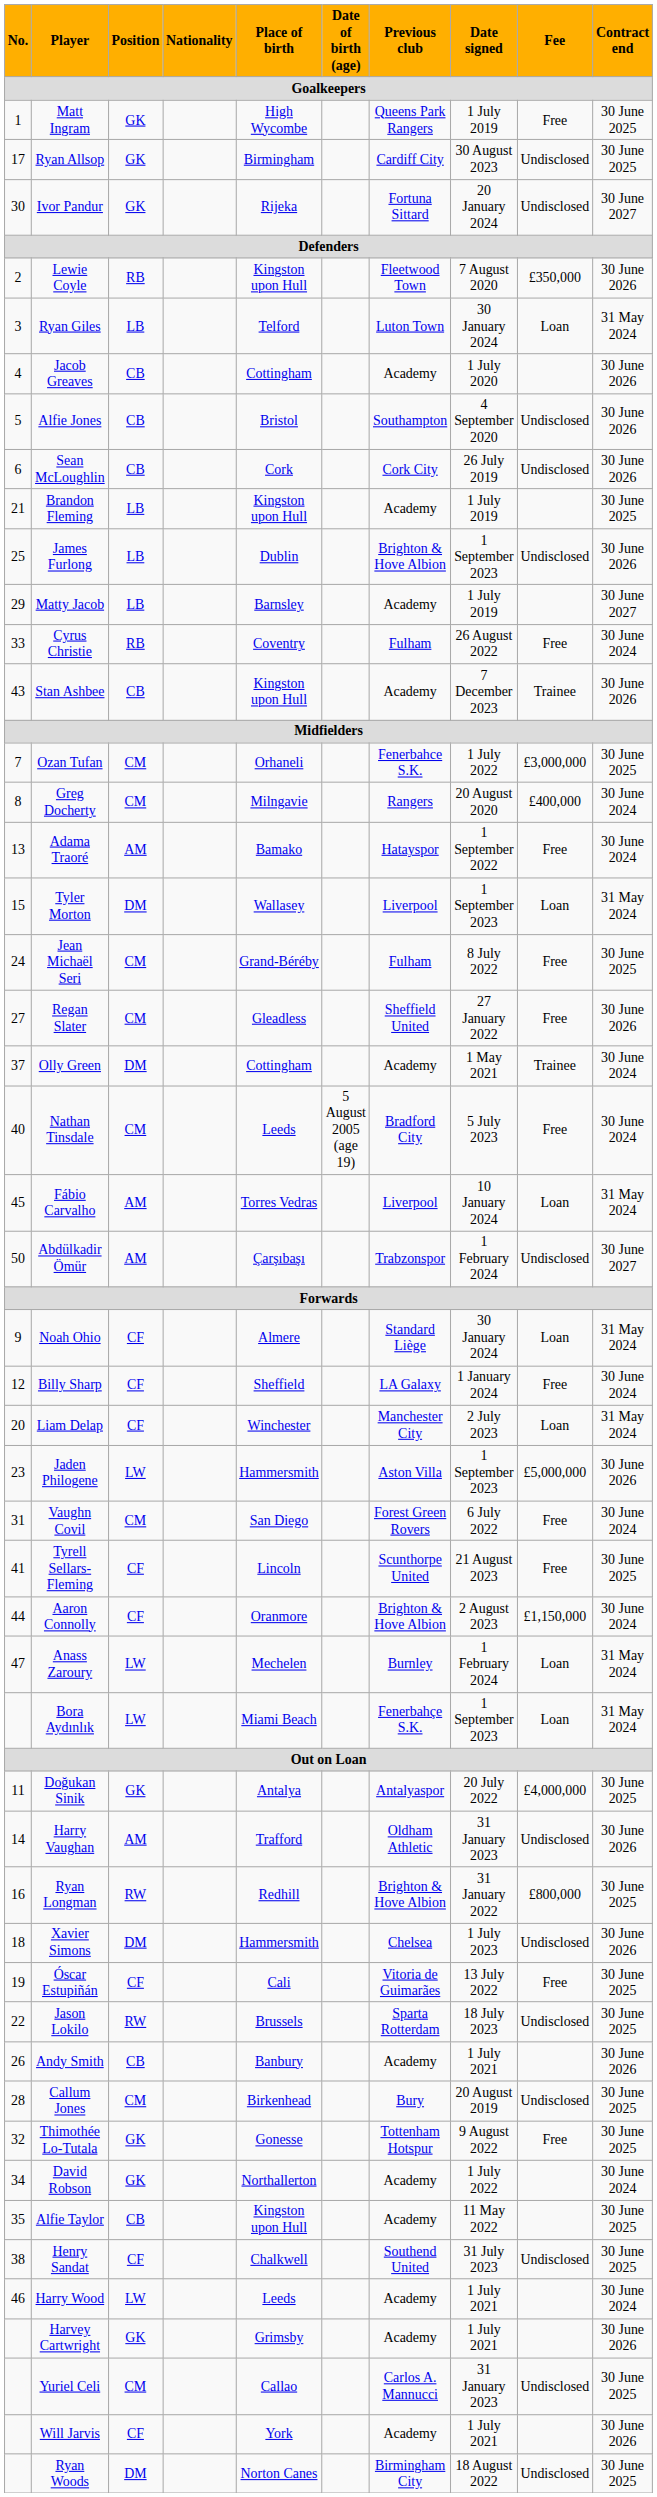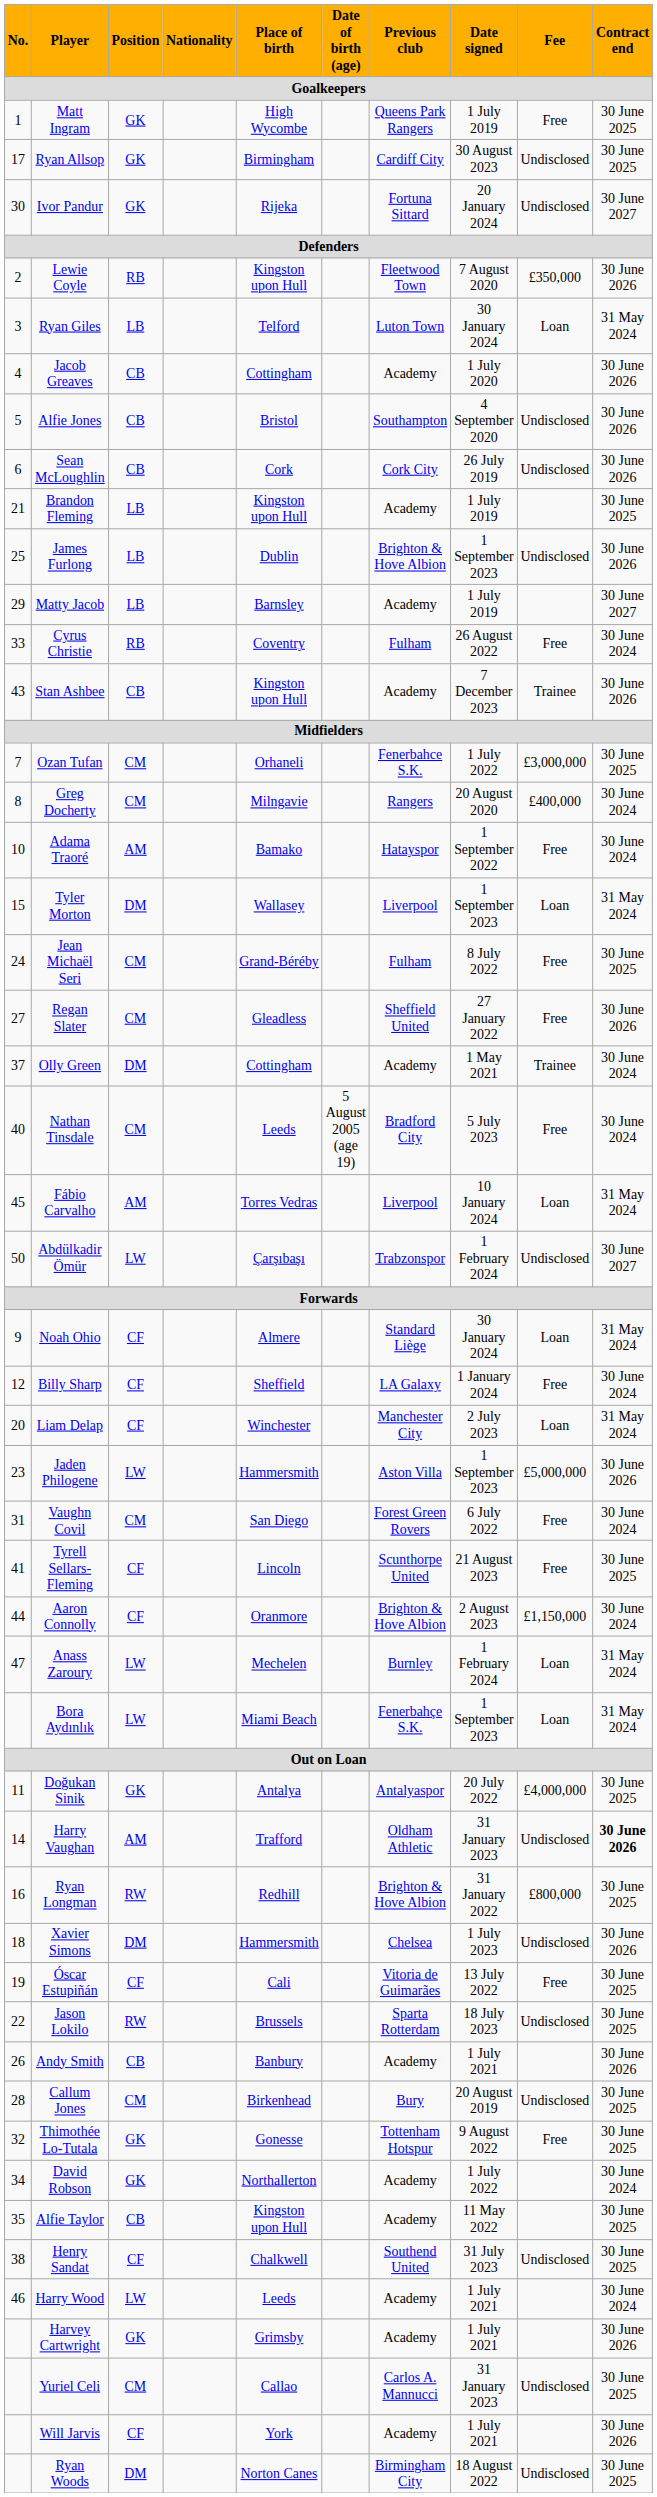 <table class="wikitable" style="text-align:center; font-size:84.5%; width:101%;">
 <tr>
 <th style="background:#ffaf00; color:#000000; text-align:center;">No.</th>
 <th style="background:#ffaf00; color:#000000; text-align:center;">Player</th>
 <th style="background:#ffaf00; color:#000000; text-align:center;">Position</th>
 <th style="background:#ffaf00; color:#000000; text-align:center;">Nationality</th>
 <th style="background:#ffaf00; color:#000000; text-align:center;">Place of birth</th>
 <th style="background:#ffaf00; color:#000000; text-align:center;">Date of birth (age)</th>
 <th style="background:#ffaf00; color:#000000; text-align:center;">Previous club</th>
 <th style="background:#ffaf00; color:#000000; text-align:center;">Date signed</th>
 <th style="background:#ffaf00; color:#000000; text-align:center;">Fee</th>
 <th style="background:#ffaf00; color:#000000; text-align:center;">Contract end</th>
 </tr>
 <tr>
 <th colspan="14" style="background:#dcdcdc; tepxt-align:center;">Goalkeepers</th>
 </tr>
 <tr>
 <td>1</td>
 <td><a href='#'>Matt Ingram</a></td>
 <td><a href='#'>GK</a></td>
 <td></td>
 <td><a href='#'>High Wycombe</a></td>
 <td></td>
 <td><a href='#'>Queens Park Rangers</a></td>
 <td>1 July 2019</td>
 <td>Free</td>
 <td>30 June 2025</td>
 </tr>
 <tr>
 <td>17</td>
 <td><a href='#'>Ryan Allsop</a></td>
 <td><a href='#'>GK</a></td>
 <td></td>
 <td><a href='#'>Birmingham</a></td>
 <td></td>
 <td> <a href='#'>Cardiff City</a></td>
 <td>30 August 2023</td>
 <td>Undisclosed</td>
 <td>30 June 2025</td>
 </tr>
 <tr>
 <td>30</td>
 <td><a href='#'>Ivor Pandur</a></td>
 <td><a href='#'>GK</a></td>
 <td></td>
 <td><a href='#'>Rijeka</a></td>
 <td></td>
 <td> <a href='#'>Fortuna Sittard</a></td>
 <td>20 January 2024</td>
 <td>Undisclosed</td>
 <td>30 June 2027</td>
 </tr>
 <tr>
 <th colspan="14" style="background:#dcdcdc; tepxt-align:center;">Defenders</th>
 </tr>
 <tr>
 <td>2</td>
 <td><a href='#'>Lewie Coyle</a></td>
 <td><a href='#'>RB</a></td>
 <td></td>
 <td><a href='#'>Kingston upon Hull</a></td>
 <td></td>
 <td><a href='#'>Fleetwood Town</a></td>
 <td>7 August 2020</td>
 <td>£350,000</td>
 <td>30 June 2026</td>
 </tr>
 <tr>
 <td>3</td>
 <td><a href='#'>Ryan Giles</a></td>
 <td><a href='#'>LB</a></td>
 <td></td>
 <td><a href='#'>Telford</a></td>
 <td></td>
 <td><a href='#'>Luton Town</a></td>
 <td>30 January 2024</td>
 <td>Loan</td>
 <td>31 May 2024</td>
 </tr>
 <tr>
 <td>4</td>
 <td><a href='#'>Jacob Greaves</a></td>
 <td><a href='#'>CB</a></td>
 <td></td>
 <td><a href='#'>Cottingham</a></td>
 <td></td>
 <td>Academy</td>
 <td>1 July 2020</td>
 <td></td>
 <td>30 June 2026</td>
 </tr>
 <tr>
 <td>5</td>
 <td><a href='#'>Alfie Jones</a></td>
 <td><a href='#'>CB</a></td>
 <td></td>
 <td><a href='#'>Bristol</a></td>
 <td></td>
 <td><a href='#'>Southampton</a></td>
 <td>4 September 2020</td>
 <td>Undisclosed</td>
 <td>30 June 2026</td>
 </tr>
 <tr>
 <td>6</td>
 <td><a href='#'>Sean McLoughlin</a></td>
 <td><a href='#'>CB</a></td>
 <td></td>
 <td><a href='#'>Cork</a></td>
 <td></td>
 <td> <a href='#'>Cork City</a></td>
 <td>26 July 2019</td>
 <td>Undisclosed</td>
 <td>30 June 2026</td>
 </tr>
 <tr>
 <td>21</td>
 <td><a href='#'>Brandon Fleming</a></td>
 <td><a href='#'>LB</a></td>
 <td></td>
 <td><a href='#'>Kingston upon Hull</a></td>
 <td></td>
 <td>Academy</td>
 <td>1 July 2019</td>
 <td></td>
 <td>30 June 2025</td>
 </tr>
 <tr>
 <td>25</td>
 <td><a href='#'>James Furlong</a></td>
 <td><a href='#'>LB</a></td>
 <td></td>
 <td><a href='#'>Dublin</a></td>
 <td></td>
 <td><a href='#'>Brighton & Hove Albion</a></td>
 <td>1 September 2023</td>
 <td>Undisclosed</td>
 <td>30 June 2026</td>
 </tr>
 <tr>
 <td>29</td>
 <td><a href='#'>Matty Jacob</a></td>
 <td><a href='#'>LB</a></td>
 <td></td>
 <td><a href='#'>Barnsley</a></td>
 <td></td>
 <td>Academy</td>
 <td>1 July 2019</td>
 <td></td>
 <td>30 June 2027</td>
 </tr>
 <tr>
 <td>33</td>
 <td><a href='#'>Cyrus Christie</a></td>
 <td><a href='#'>RB</a></td>
 <td></td>
 <td> <a href='#'>Coventry</a></td>
 <td></td>
 <td><a href='#'>Fulham</a></td>
 <td>26 August 2022</td>
 <td>Free</td>
 <td>30 June 2024</td>
 </tr>
 <tr>
 <td>43</td>
 <td><a href='#'>Stan Ashbee</a></td>
 <td><a href='#'>CB</a></td>
 <td></td>
 <td> <a href='#'>Kingston upon Hull</a></td>
 <td></td>
 <td>Academy</td>
 <td>7 December 2023</td>
 <td>Trainee</td>
 <td>30 June 2026</td>
 </tr>
 <tr>
 <th colspan="14" style="background:#dcdcdc; tepxt-align:center;">Midfielders</th>
 </tr>
 <tr>
 <td>7</td>
 <td><a href='#'>Ozan Tufan</a></td>
 <td><a href='#'>CM</a></td>
 <td></td>
 <td><a href='#'>Orhaneli</a></td>
 <td></td>
 <td> <a href='#'>Fenerbahce S.K.</a></td>
 <td>1 July 2022</td>
 <td>£3,000,000</td>
 <td>30 June 2025</td>
 </tr>
 <tr>
 <td>8</td>
 <td><a href='#'>Greg Docherty</a></td>
 <td><a href='#'>CM</a></td>
 <td></td>
 <td><a href='#'>Milngavie</a></td>
 <td></td>
 <td> <a href='#'>Rangers</a></td>
 <td>20 August 2020</td>
 <td>£400,000</td>
 <td>30 June 2024</td>
 </tr>
 <tr>
-<td>13</td>
+<td>10</td>
 <td><a href='#'>Adama Traoré</a></td>
 <td><a href='#'>AM</a></td>
 <td></td>
 <td><a href='#'>Bamako</a></td>
 <td></td>
 <td> <a href='#'>Hatayspor</a></td>
 <td>1 September 2022</td>
 <td>Free</td>
 <td>30 June 2024</td>
 </tr>
 <tr>
 <td>15</td>
 <td><a href='#'>Tyler Morton</a></td>
 <td><a href='#'>DM</a></td>
 <td></td>
 <td><a href='#'>Wallasey</a></td>
 <td></td>
 <td><a href='#'>Liverpool</a></td>
 <td>1 September 2023</td>
 <td>Loan</td>
 <td>31 May 2024</td>
 </tr>
 <tr>
 <td>24</td>
 <td><a href='#'>Jean Michaël Seri</a></td>
 <td><a href='#'>CM</a></td>
 <td></td>
 <td><a href='#'>Grand-Béréby</a></td>
 <td></td>
 <td><a href='#'>Fulham</a></td>
 <td>8 July 2022</td>
 <td>Free</td>
 <td>30 June 2025</td>
 </tr>
 <tr>
 <td>27</td>
 <td><a href='#'>Regan Slater</a></td>
 <td><a href='#'>CM</a></td>
 <td></td>
 <td><a href='#'>Gleadless</a></td>
 <td></td>
 <td><a href='#'>Sheffield United</a></td>
 <td>27 January 2022</td>
 <td>Free</td>
 <td>30 June 2026</td>
 </tr>
 <tr>
 <td>37</td>
 <td><a href='#'>Olly Green</a></td>
 <td><a href='#'>DM</a></td>
 <td></td>
 <td><a href='#'>Cottingham</a></td>
 <td></td>
 <td>Academy</td>
 <td>1 May 2021</td>
 <td>Trainee</td>
 <td>30 June 2024</td>
 </tr>
 <tr>
 <td>40</td>
 <td><a href='#'>Nathan Tinsdale</a></td>
 <td><a href='#'>CM</a></td>
 <td></td>
 <td><a href='#'>Leeds</a></td>
 <td>5 August 2005 (age 19)</td>
 <td><a href='#'>Bradford City</a></td>
 <td>5 July 2023</td>
 <td>Free</td>
 <td>30 June 2024</td>
 </tr>
 <tr>
 <td>45</td>
 <td><a href='#'>Fábio Carvalho</a></td>
 <td><a href='#'>AM</a></td>
 <td></td>
 <td><a href='#'>Torres Vedras</a></td>
 <td></td>
 <td><a href='#'>Liverpool</a></td>
 <td>10 January 2024</td>
 <td>Loan</td>
 <td>31 May 2024</td>
 </tr>
 <tr>
 <td>50</td>
 <td><a href='#'>Abdülkadir Ömür</a></td>
-<td><a href='#'>AM</a></td>
+<td><a href='#'>LW</a></td>
 <td></td>
 <td><a href='#'>Çarşıbaşı</a></td>
 <td></td>
 <td> <a href='#'>Trabzonspor</a></td>
 <td>1 February 2024</td>
 <td>Undisclosed</td>
 <td>30 June 2027</td>
 </tr>
 <tr>
 <th colspan="14" style="background:#dcdcdc; tepxt-align:center;">Forwards</th>
 </tr>
 <tr>
 <td>9</td>
 <td><a href='#'>Noah Ohio</a></td>
 <td><a href='#'>CF</a></td>
 <td></td>
 <td><a href='#'>Almere</a></td>
 <td></td>
 <td> <a href='#'>Standard Liège</a></td>
 <td>30 January 2024</td>
 <td>Loan</td>
 <td>31 May 2024</td>
 </tr>
 <tr>
 <td>12</td>
 <td><a href='#'>Billy Sharp</a></td>
 <td><a href='#'>CF</a></td>
 <td></td>
 <td><a href='#'>Sheffield</a></td>
 <td></td>
 <td> <a href='#'>LA Galaxy</a></td>
 <td>1 January 2024</td>
 <td>Free</td>
 <td>30 June 2024</td>
 </tr>
 <tr>
 <td>20</td>
 <td><a href='#'>Liam Delap</a></td>
 <td><a href='#'>CF</a></td>
 <td></td>
 <td><a href='#'>Winchester</a></td>
 <td></td>
 <td><a href='#'>Manchester City</a></td>
 <td>2 July 2023</td>
 <td>Loan</td>
 <td>31 May 2024</td>
 </tr>
 <tr>
 <td>23</td>
 <td><a href='#'>Jaden Philogene</a></td>
 <td><a href='#'>LW</a></td>
 <td></td>
 <td><a href='#'>Hammersmith</a></td>
 <td></td>
 <td><a href='#'>Aston Villa</a></td>
 <td>1 September 2023</td>
 <td>£5,000,000</td>
 <td>30 June 2026</td>
 </tr>
 <tr>
 <td>31</td>
 <td><a href='#'>Vaughn Covil</a></td>
 <td><a href='#'>CM</a></td>
 <td></td>
 <td><a href='#'>San Diego</a></td>
 <td></td>
 <td><a href='#'>Forest Green Rovers</a></td>
 <td>6 July 2022</td>
 <td>Free</td>
 <td>30 June 2024</td>
 </tr>
 <tr>
 <td>41</td>
 <td><a href='#'>Tyrell Sellars-Fleming</a></td>
 <td><a href='#'>CF</a></td>
 <td></td>
 <td><a href='#'>Lincoln</a></td>
 <td></td>
 <td><a href='#'>Scunthorpe United</a></td>
 <td>21 August 2023</td>
 <td>Free</td>
 <td>30 June 2025</td>
 </tr>
 <tr>
 <td>44</td>
 <td><a href='#'>Aaron Connolly</a></td>
 <td><a href='#'>CF</a></td>
 <td></td>
 <td><a href='#'>Oranmore</a></td>
 <td></td>
 <td><a href='#'>Brighton & Hove Albion</a></td>
 <td>2 August 2023</td>
 <td>£1,150,000</td>
 <td>30 June 2024</td>
 </tr>
 <tr>
 <td>47</td>
 <td><a href='#'>Anass Zaroury</a></td>
 <td><a href='#'>LW</a></td>
 <td></td>
 <td> <a href='#'>Mechelen</a></td>
 <td></td>
 <td><a href='#'>Burnley</a></td>
 <td>1 February 2024</td>
 <td>Loan</td>
 <td>31 May 2024</td>
 </tr>
 <tr>
 <td></td>
 <td><a href='#'>Bora Aydınlık</a></td>
 <td><a href='#'>LW</a></td>
 <td></td>
 <td> <a href='#'>Miami Beach</a></td>
 <td></td>
 <td> <a href='#'>Fenerbahçe S.K.</a></td>
 <td>1 September 2023</td>
 <td>Loan</td>
 <td>31 May 2024</td>
 </tr>
 <tr>
 <th colspan="14" style="background:#dcdcdc; tepxt-align:center;">Out on Loan</th>
 </tr>
 <tr>
 <td>11</td>
 <td><a href='#'>Doğukan Sinik</a></td>
 <td><a href='#'>GK</a></td>
 <td></td>
 <td><a href='#'>Antalya</a></td>
 <td></td>
 <td> <a href='#'>Antalyaspor</a></td>
 <td>20 July 2022</td>
 <td>£4,000,000</td>
 <td>30 June 2025</td>
 </tr>
 <tr>
 <td>14</td>
 <td><a href='#'>Harry Vaughan</a></td>
 <td><a href='#'>AM</a></td>
 <td></td>
 <td> <a href='#'>Trafford</a></td>
 <td></td>
 <td><a href='#'>Oldham Athletic</a></td>
 <td>31 January 2023</td>
 <td>Undisclosed</td>
-<td>30 June 2026</td>
+<td><strong>30 June 2026</strong></td>
 </tr>
 <tr>
 <td>16</td>
 <td><a href='#'>Ryan Longman</a></td>
 <td><a href='#'>RW</a></td>
 <td></td>
 <td><a href='#'>Redhill</a></td>
 <td></td>
 <td><a href='#'>Brighton & Hove Albion</a></td>
 <td>31 January 2022</td>
 <td>£800,000</td>
 <td>30 June 2025</td>
 </tr>
 <tr>
 <td>18</td>
 <td><a href='#'>Xavier Simons</a></td>
 <td><a href='#'>DM</a></td>
 <td></td>
 <td><a href='#'>Hammersmith</a></td>
 <td></td>
 <td><a href='#'>Chelsea</a></td>
 <td>1 July 2023</td>
 <td>Undisclosed</td>
 <td>30 June 2026</td>
 </tr>
 <tr>
 <td>19</td>
 <td><a href='#'>Óscar Estupiñán</a></td>
 <td><a href='#'>CF</a></td>
 <td></td>
 <td><a href='#'>Cali</a></td>
 <td></td>
 <td> <a href='#'>Vitoria de Guimarães</a></td>
 <td>13 July 2022</td>
 <td>Free</td>
 <td>30 June 2025</td>
 </tr>
 <tr>
 <td>22</td>
 <td><a href='#'>Jason Lokilo</a></td>
 <td><a href='#'>RW</a></td>
 <td></td>
 <td> <a href='#'>Brussels</a></td>
 <td></td>
 <td> <a href='#'>Sparta Rotterdam</a></td>
 <td>18 July 2023</td>
 <td>Undisclosed</td>
 <td>30 June 2025</td>
 </tr>
 <tr>
 <td>26</td>
 <td><a href='#'>Andy Smith</a></td>
 <td><a href='#'>CB</a></td>
 <td></td>
 <td><a href='#'>Banbury</a></td>
 <td></td>
 <td>Academy</td>
 <td>1 July 2021</td>
 <td></td>
 <td>30 June 2026</td>
 </tr>
 <tr>
 <td>28</td>
 <td><a href='#'>Callum Jones</a></td>
 <td><a href='#'>CM</a></td>
 <td></td>
 <td> <a href='#'>Birkenhead</a></td>
 <td></td>
 <td><a href='#'>Bury</a></td>
 <td>20 August 2019</td>
 <td>Undisclosed</td>
 <td>30 June 2025</td>
 </tr>
 <tr>
 <td>32</td>
 <td><a href='#'>Thimothée Lo-Tutala</a></td>
 <td><a href='#'>GK</a></td>
 <td></td>
 <td><a href='#'>Gonesse</a></td>
 <td></td>
 <td><a href='#'>Tottenham Hotspur</a></td>
 <td>9 August 2022</td>
 <td>Free</td>
 <td>30 June 2025</td>
 </tr>
 <tr>
 <td>34</td>
 <td><a href='#'>David Robson</a></td>
 <td><a href='#'>GK</a></td>
 <td></td>
 <td> <a href='#'>Northallerton</a></td>
 <td></td>
 <td>Academy</td>
 <td>1 July 2022</td>
 <td></td>
 <td>30 June 2024</td>
 </tr>
 <tr>
 <td>35</td>
 <td><a href='#'>Alfie Taylor</a></td>
 <td><a href='#'>CB</a></td>
 <td></td>
 <td><a href='#'>Kingston upon Hull</a></td>
 <td></td>
 <td>Academy</td>
 <td>11 May 2022</td>
 <td></td>
 <td>30 June 2025</td>
 </tr>
 <tr>
 <td>38</td>
 <td><a href='#'>Henry Sandat</a></td>
 <td><a href='#'>CF</a></td>
 <td></td>
 <td><a href='#'>Chalkwell</a></td>
 <td></td>
 <td><a href='#'>Southend United</a></td>
 <td>31 July 2023</td>
 <td>Undisclosed</td>
 <td>30 June 2025</td>
 </tr>
 <tr>
 <td>46</td>
 <td><a href='#'>Harry Wood</a></td>
 <td><a href='#'>LW</a></td>
 <td></td>
 <td><a href='#'>Leeds</a></td>
 <td></td>
 <td>Academy</td>
 <td>1 July 2021</td>
 <td></td>
 <td>30 June 2024</td>
 </tr>
 <tr>
 <td></td>
 <td><a href='#'>Harvey Cartwright</a></td>
 <td><a href='#'>GK</a></td>
 <td></td>
 <td><a href='#'>Grimsby</a></td>
 <td></td>
 <td>Academy</td>
 <td>1 July 2021</td>
 <td></td>
 <td>30 June 2026</td>
 </tr>
 <tr>
 <td></td>
 <td><a href='#'>Yuriel Celi</a></td>
 <td><a href='#'>CM</a></td>
 <td></td>
 <td><a href='#'>Callao</a></td>
 <td></td>
 <td> <a href='#'>Carlos A. Mannucci</a></td>
 <td>31 January 2023</td>
 <td>Undisclosed</td>
 <td>30 June 2025</td>
 </tr>
 <tr>
 <td></td>
 <td><a href='#'>Will Jarvis</a></td>
 <td><a href='#'>CF</a></td>
 <td></td>
 <td><a href='#'>York</a></td>
 <td></td>
 <td>Academy</td>
 <td>1 July 2021</td>
 <td></td>
 <td>30 June 2026</td>
 </tr>
 <tr>
 <td></td>
 <td><a href='#'>Ryan Woods</a></td>
 <td><a href='#'>DM</a></td>
 <td></td>
 <td><a href='#'>Norton Canes</a></td>
 <td></td>
 <td><a href='#'>Birmingham City</a></td>
 <td>18 August 2022</td>
 <td>Undisclosed</td>
 <td>30 June 2025</td>
 </tr>
 </table>
